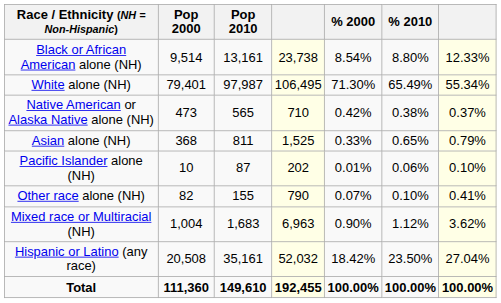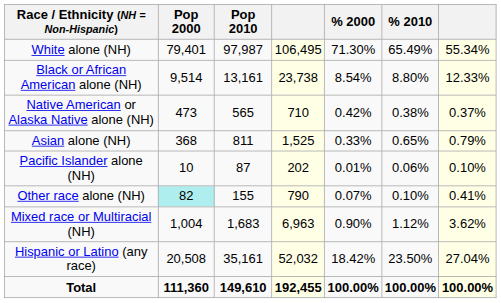 <table class="wikitable" style="text-align:center;">
 <tr>
 <th>Race / Ethnicity <small>(<em>NH = Non-Hispanic</em>)</small></th>
 <th>Pop 2000</th>
 <th>Pop 2010</th>
 <th></th>
 <th>% 2000</th>
 <th>% 2010</th>
 <th></th>
 </tr>
 <tr>
+<td><a href='#'>White</a> alone (NH)</td>
+<td>79,401</td>
+<td>97,987</td>
+<td style='background: #ffffe6;'>106,495</td>
+<td>71.30%</td>
+<td>65.49%</td>
+<td style='background: #ffffe6;'>55.34%</td>
+</tr>
+<tr>
 <td><a href='#'>Black or African American</a> alone (NH)</td>
 <td>9,514</td>
 <td>13,161</td>
 <td style='background: #ffffe6;'>23,738</td>
 <td>8.54%</td>
 <td>8.80%</td>
 <td style='background: #ffffe6;'>12.33%</td>
-</tr>
-<tr>
-<td><a href='#'>White</a> alone (NH)</td>
-<td>79,401</td>
-<td>97,987</td>
-<td style='background: #ffffe6;'>106,495</td>
-<td>71.30%</td>
-<td>65.49%</td>
-<td style='background: #ffffe6;'>55.34%</td>
 </tr>
 <tr>
 <td><a href='#'>Native American</a> or <a href='#'>Alaska Native</a> alone (NH)</td>
 <td>473</td>
 <td>565</td>
 <td style='background: #ffffe6;'>710</td>
 <td>0.42%</td>
 <td>0.38%</td>
 <td style='background: #ffffe6;'>0.37%</td>
 </tr>
 <tr>
 <td><a href='#'>Asian</a> alone (NH)</td>
 <td>368</td>
 <td>811</td>
 <td style='background: #ffffe6;'>1,525</td>
 <td>0.33%</td>
 <td>0.65%</td>
 <td style='background: #ffffe6;'>0.79%</td>
 </tr>
 <tr>
 <td><a href='#'>Pacific Islander</a> alone (NH)</td>
 <td>10</td>
 <td>87</td>
 <td style='background: #ffffe6;'>202</td>
 <td>0.01%</td>
 <td>0.06%</td>
 <td style='background: #ffffe6;'>0.10%</td>
 </tr>
 <tr>
 <td><a href='#'>Other race</a>  alone (NH)</td>
-<td>82</td>
+<td style="background: paleturquoise;">82</td>
 <td>155</td>
 <td style='background: #ffffe6;'>790</td>
 <td>0.07%</td>
 <td>0.10%</td>
 <td style='background: #ffffe6;'>0.41%</td>
 </tr>
 <tr>
 <td><a href='#'>Mixed race or Multiracial</a> (NH)</td>
 <td>1,004</td>
 <td>1,683</td>
 <td style='background: #ffffe6;'>6,963</td>
 <td>0.90%</td>
 <td>1.12%</td>
 <td style='background: #ffffe6;'>3.62%</td>
 </tr>
 <tr>
 <td><a href='#'>Hispanic or Latino</a> (any race)</td>
 <td>20,508</td>
 <td>35,161</td>
 <td style='background: #ffffe6;'>52,032</td>
 <td>18.42%</td>
 <td>23.50%</td>
 <td style='background: #ffffe6;'>27.04%</td>
 </tr>
 <tr>
 <td><strong>Total</strong></td>
 <td><strong>111,360</strong></td>
 <td><strong>149,610</strong></td>
 <td style='background: #ffffe6;'><strong>192,455</strong></td>
 <td><strong>100.00%</strong></td>
 <td><strong>100.00%</strong></td>
 <td style='background: #ffffe6;'><strong>100.00%</strong></td>
 </tr>
 </table>
